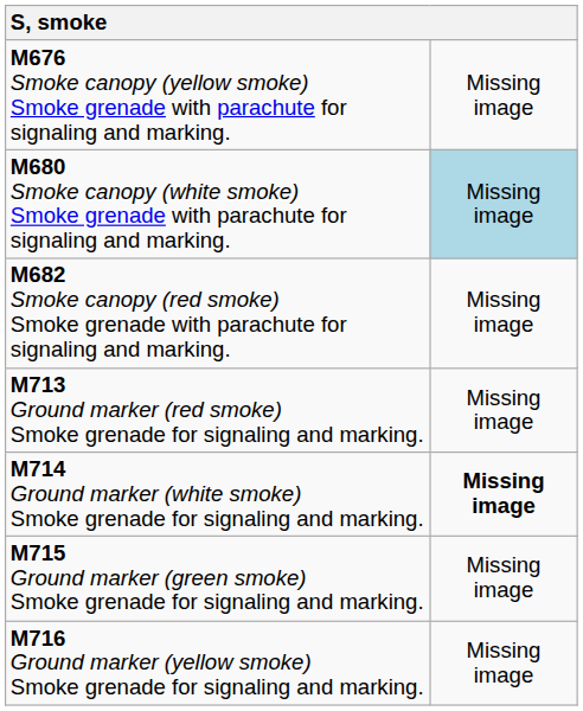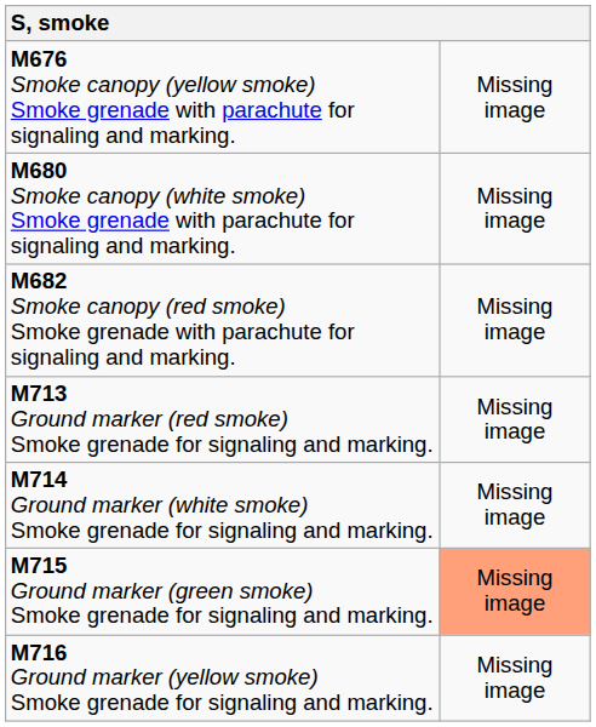 <table class="wikitable mw-collapsible mw-collapsed" style="width: 33%;">
 <tr>
 <th colspan="2" style="text-align: left;">S, smoke</th>
 </tr>
 <tr>
 <td><strong>M676</strong><br><em>Smoke canopy (yellow smoke)</em><br><a href='#'>Smoke grenade</a> with <a href='#'>parachute</a> for signaling and marking.</td>
 <td style="text-align: center; vertical-align: center;">Missing image</td>
 </tr>
 <tr>
 <td><strong>M680</strong><br><em>Smoke canopy (white smoke)</em><br><a href='#'>Smoke grenade</a> with parachute for signaling and marking.</td>
-<td style="background: lightblue; text-align: center; vertical-align: center;">Missing image</td>
+<td style="text-align: center; vertical-align: center;">Missing image</td>
 </tr>
 <tr>
 <td><strong>M682</strong><br><em>Smoke canopy (red smoke)</em><br>Smoke grenade with parachute for signaling and marking.</td>
 <td style="text-align: center; vertical-align: center;">Missing image</td>
 </tr>
 <tr>
 <td><strong>M713</strong><br><em>Ground marker (red smoke)</em><br>Smoke grenade for signaling and marking.</td>
 <td style="text-align: center; vertical-align: center;">Missing image</td>
 </tr>
 <tr>
 <td><strong>M714</strong><br><em>Ground marker (white smoke)</em><br>Smoke grenade for signaling and marking.</td>
-<td style="text-align: center; vertical-align: center;"><strong>Missing image</strong></td>
+<td style="text-align: center; vertical-align: center;">Missing image</td>
 </tr>
 <tr>
 <td><strong>M715</strong><br><em>Ground marker (green smoke)</em><br>Smoke grenade for signaling and marking.</td>
-<td style="text-align: center; vertical-align: center;">Missing image</td>
+<td style="background: lightsalmon; text-align: center; vertical-align: center;">Missing image</td>
 </tr>
 <tr>
 <td><strong>M716</strong><br><em>Ground marker (yellow smoke)</em><br>Smoke grenade for signaling and marking.</td>
 <td style="width: 100px; text-align: center; vertical-align: center;">Missing image</td>
 </tr>
 </table>
